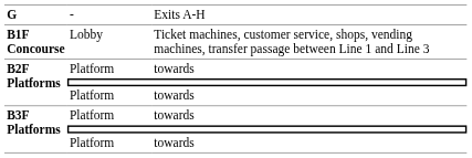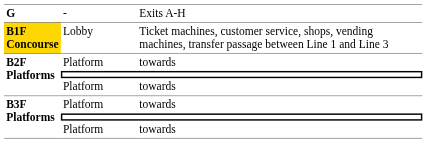 <table table border=0 cellspacing=0 cellpadding=3>
 <tr>
 <td style="border-top:solid 1px gray;" width=50 valign=top><strong>G</strong></td>
 <td style="border-top:solid 1px gray;" width=100 valign=top>-</td>
 <td style="border-top:solid 1px gray;" width=390 valign=top>Exits A-H</td>
 </tr>
 <tr>
-<td style="border-bottom:solid 1px gray; border-top:solid 1px gray;" valign=top width=50><strong>B1F<br>Concourse</strong></td>
+<td style="background: gold; border-bottom:solid 1px gray; border-top:solid 1px gray;" valign=top width=50><strong>B1F<br>Concourse</strong></td>
 <td style="border-bottom:solid 1px gray; border-top:solid 1px gray;" valign=top width=100>Lobby</td>
 <td style="border-bottom:solid 1px gray; border-top:solid 1px gray;" valign=top width=390>Ticket machines, customer service, shops, vending machines, transfer passage between Line 1 and Line 3</td>
 </tr>
 <tr>
 <td style="border-bottom:solid 1px gray;" rowspan="3" valign=top><strong>B2F<br> Platforms</strong></td>
 <td>Platform</td>
 <td>  towards  </td>
 </tr>
 <tr>
 <td style="border-right:solid 2px black;border-left:solid 2px black;border-top:solid 2px black;border-bottom:solid 2px black;text-align:center;" colspan=2></td>
 </tr>
 <tr>
 <td style="border-bottom:solid 1px gray;">Platform</td>
 <td style="border-bottom:solid 1px gray;">  towards   </td>
 </tr>
 <tr>
 <td style="border-bottom:solid 1px gray;" rowspan="3" valign=top><strong>B3F<br> Platforms</strong></td>
 <td>Platform</td>
 <td>  towards  </td>
 </tr>
 <tr>
 <td style="border-right:solid 2px black;border-left:solid 2px black;border-top:solid 2px black;border-bottom:solid 2px black;text-align:center;" colspan=2></td>
 </tr>
 <tr>
 <td style="border-bottom:solid 1px gray;">Platform</td>
 <td style="border-bottom:solid 1px gray;">  towards   </td>
 </tr>
 </table>
